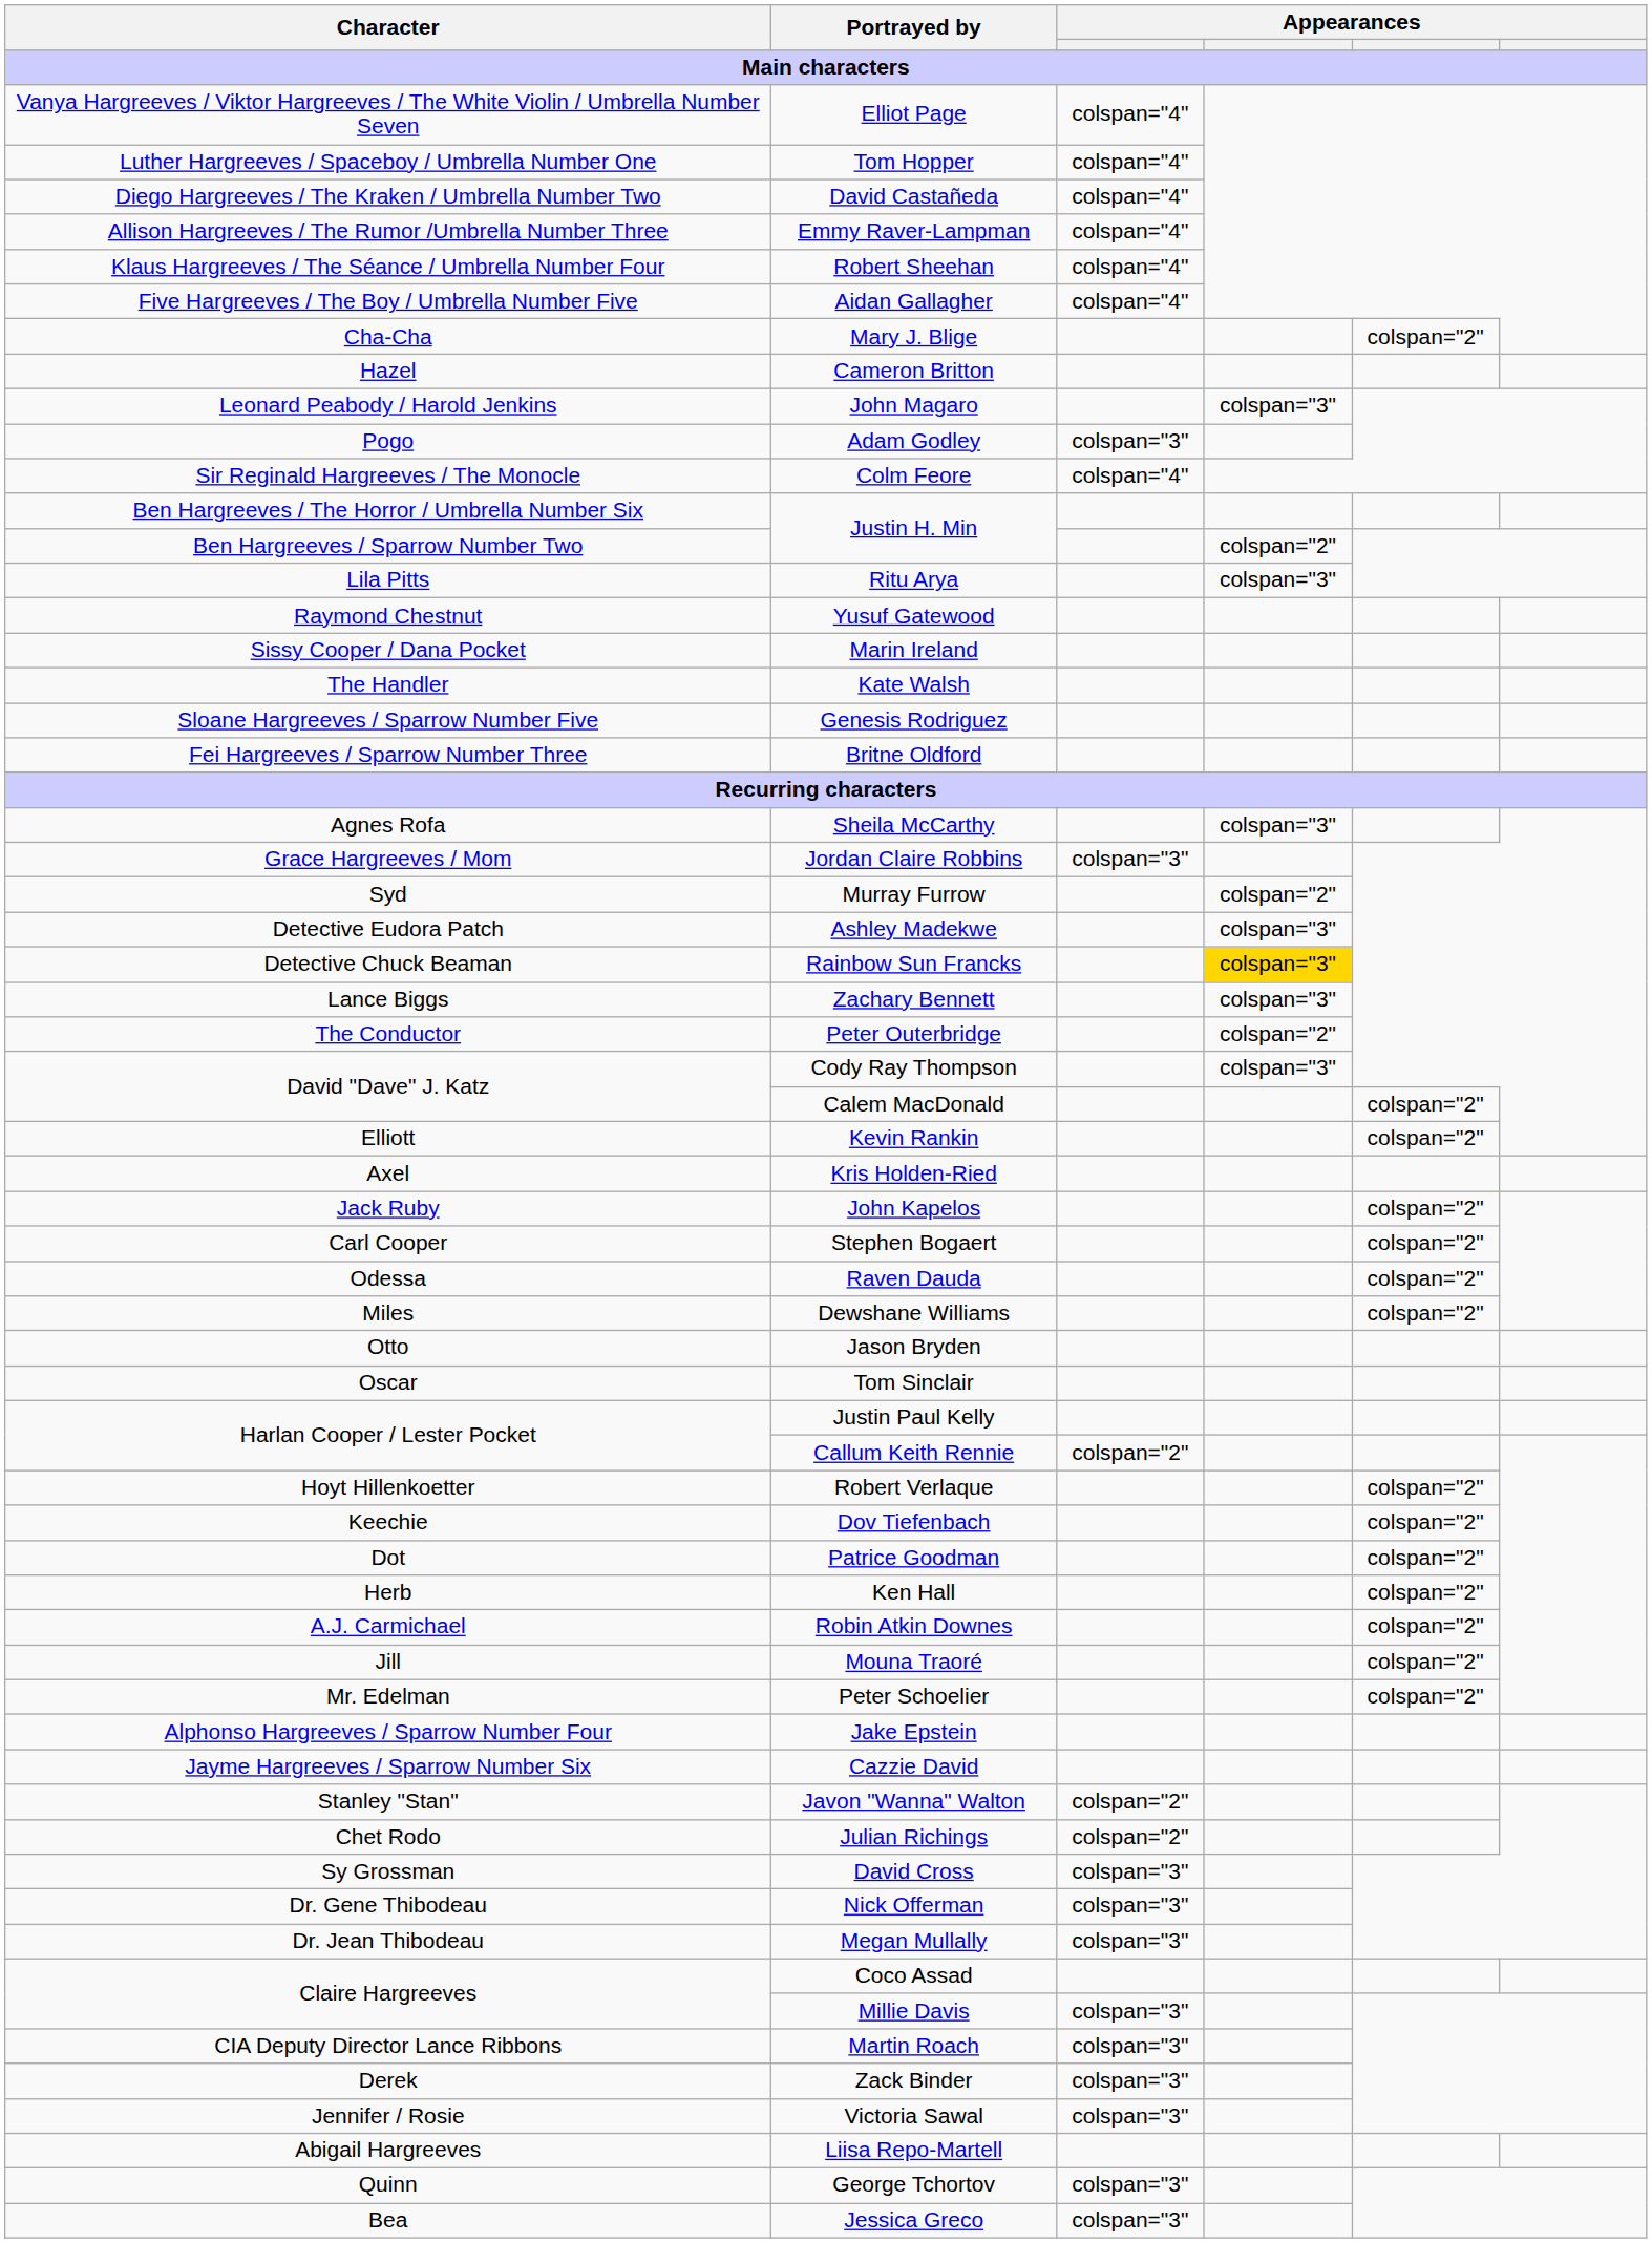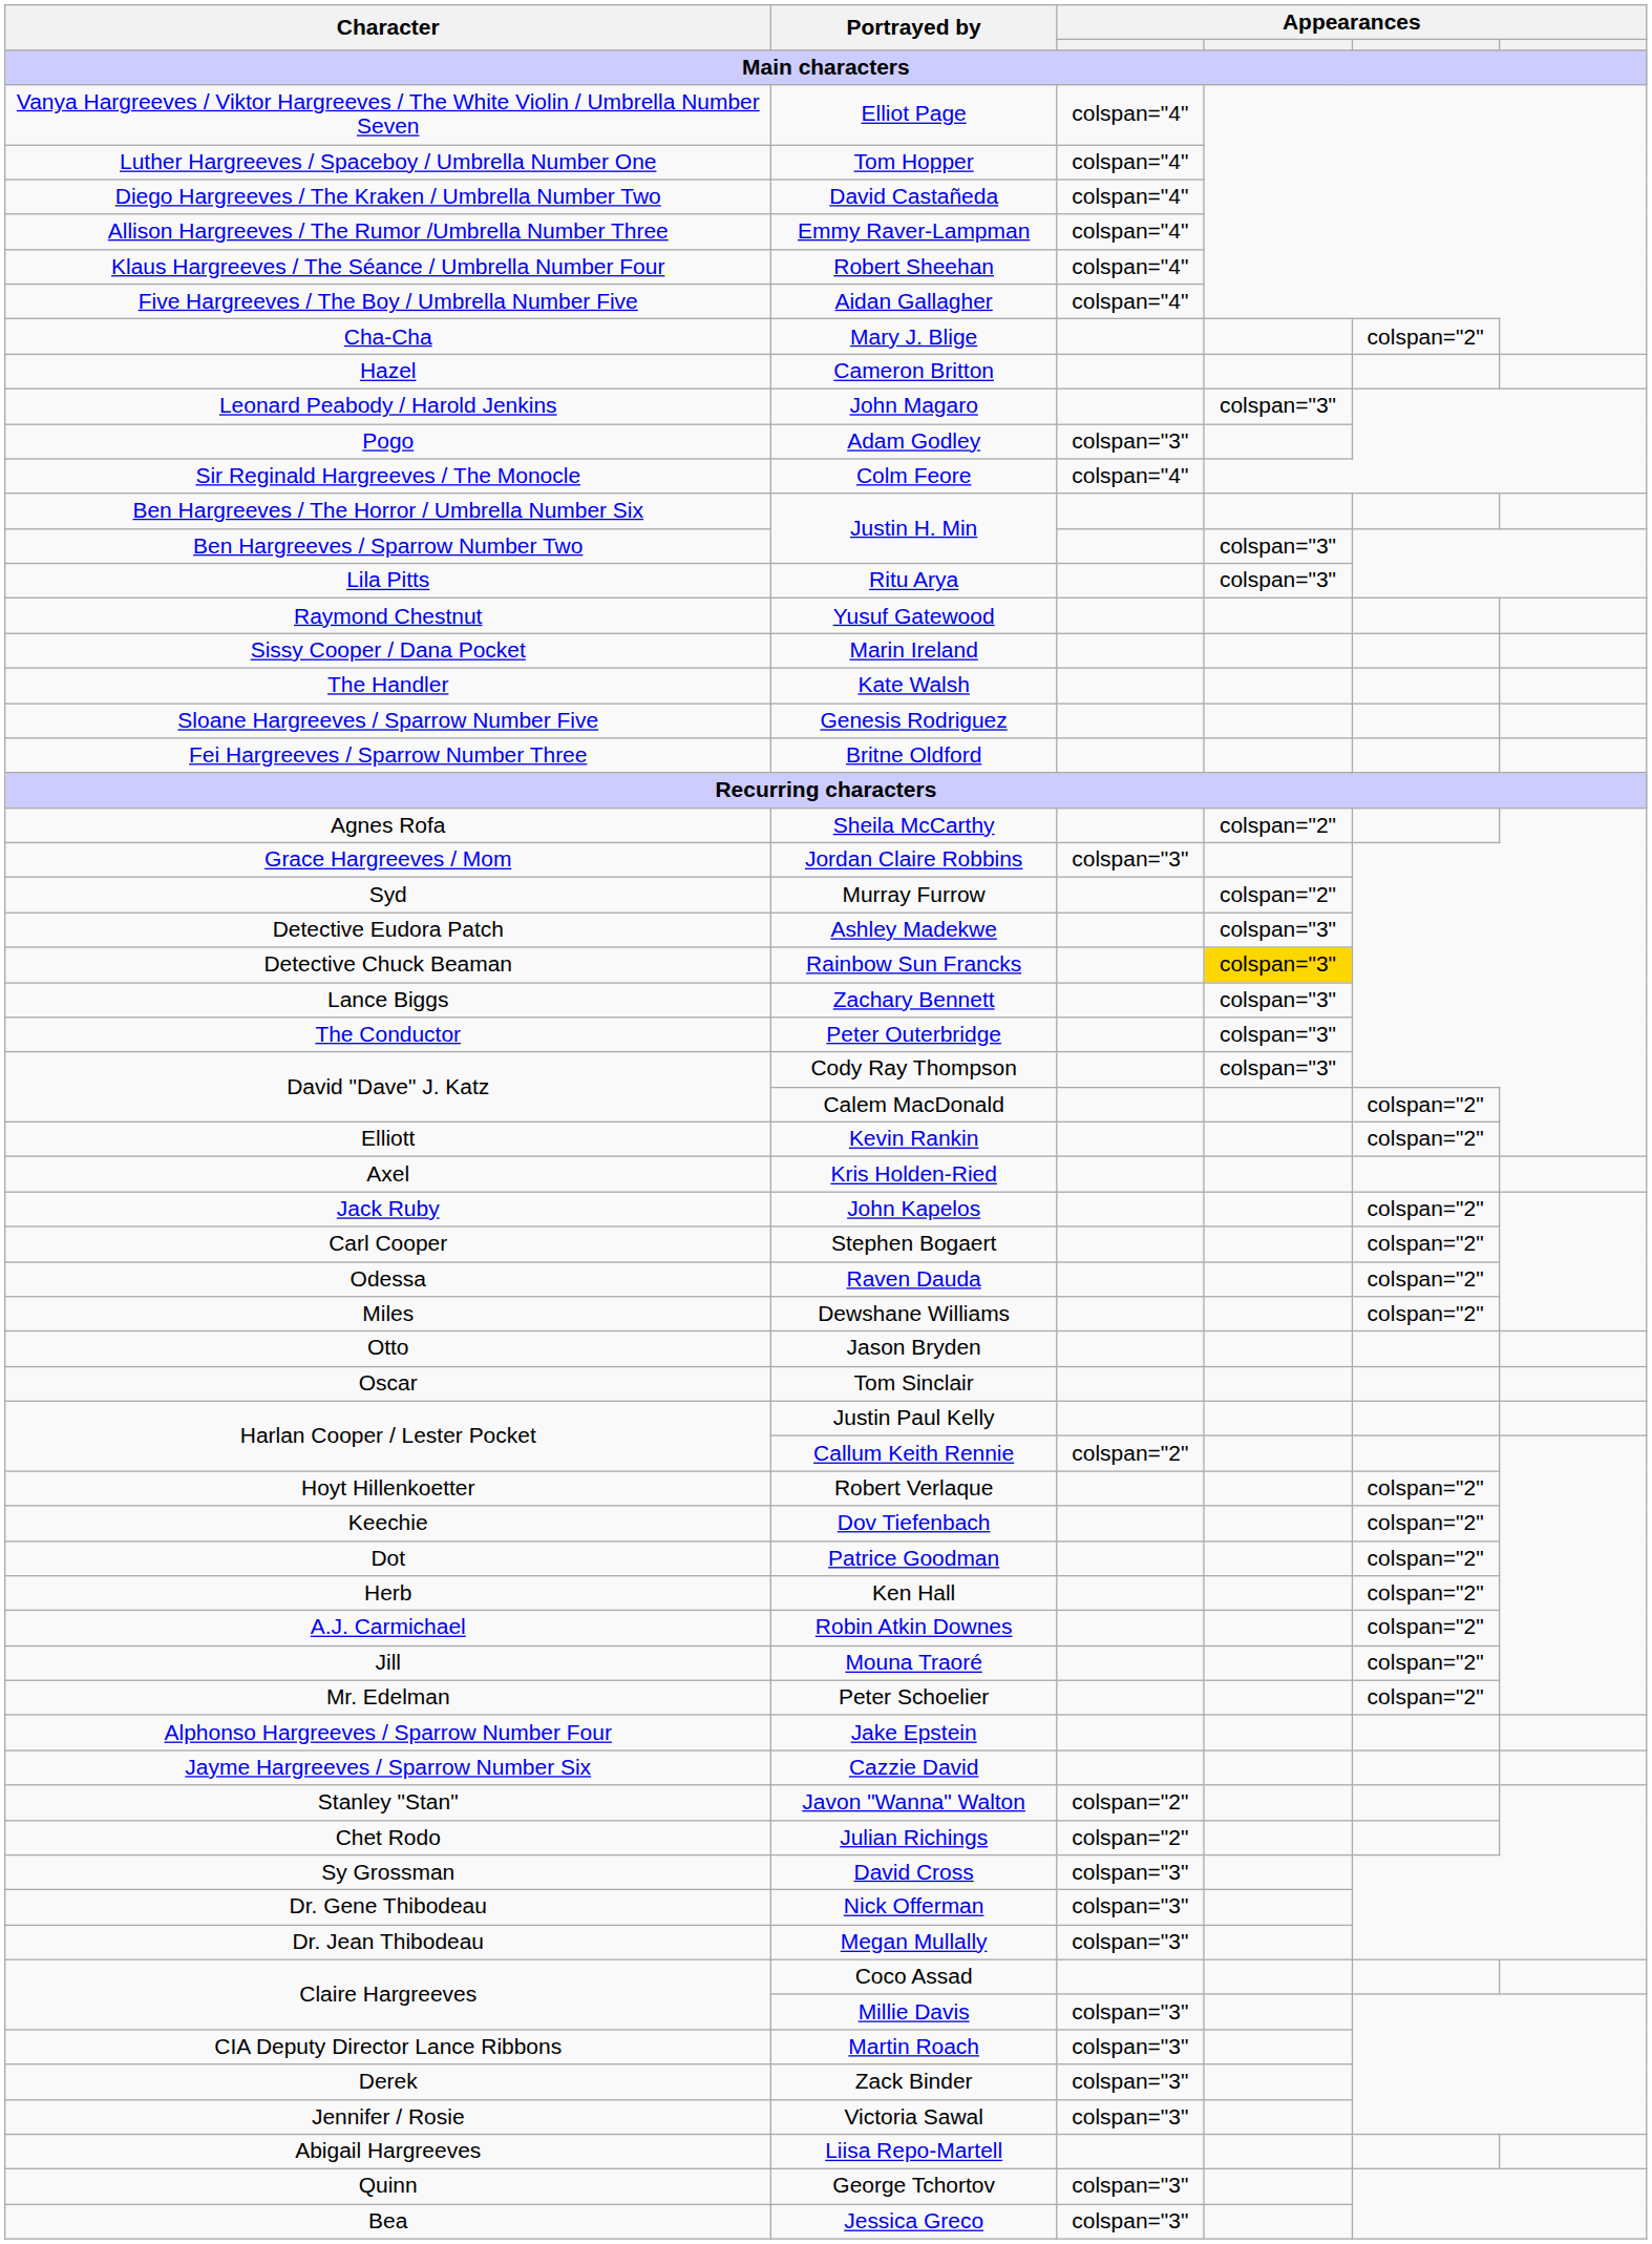 <table class="wikitable plainrowheaders" style="text-align:center;">
 <tr>
 <th scope="col" rowspan="2" style="width:550px;">Character</th>
 <th scope="col" rowspan="2" style="width:200px;">Portrayed by</th>
 <th colspan="4">Appearances</th>
 </tr>
 <tr>
 <th style="width:100px;"><a href='#'></a></th>
 <th style="width:100px;"><a href='#'></a></th>
 <th style="width:100px;"><a href='#'></a></th>
 <th style="width:100px;"><a href='#'></a></th>
 </tr>
 <tr>
 <th colspan="6" style="background:#ccf;">Main characters</th>
 </tr>
 <tr>
 <td scope="row"><a href='#'>Vanya Hargreeves / Viktor Hargreeves / The White Violin / Umbrella Number Seven</a></td>
 <td><a href='#'>Elliot Page</a></td>
 <td>colspan="4" </td>
 </tr>
 <tr>
 <td scope="row"><a href='#'>Luther Hargreeves / Spaceboy / Umbrella Number One</a></td>
 <td><a href='#'>Tom Hopper</a></td>
 <td>colspan="4" </td>
 </tr>
 <tr>
 <td scope="row"><a href='#'>Diego Hargreeves / The Kraken / Umbrella Number Two</a></td>
 <td><a href='#'>David Castañeda</a></td>
 <td>colspan="4" </td>
 </tr>
 <tr>
 <td scope="row"><a href='#'>Allison Hargreeves / The Rumor /Umbrella Number Three</a></td>
 <td><a href='#'>Emmy Raver-Lampman</a></td>
 <td>colspan="4" </td>
 </tr>
 <tr>
 <td scope="row"><a href='#'>Klaus Hargreeves / The Séance / Umbrella Number Four</a></td>
 <td><a href='#'>Robert Sheehan</a></td>
 <td>colspan="4" </td>
 </tr>
 <tr>
 <td scope="row"><a href='#'>Five Hargreeves / The Boy / Umbrella Number Five</a></td>
 <td><a href='#'>Aidan Gallagher</a></td>
 <td>colspan="4" </td>
 </tr>
 <tr>
 <td scope="row"><a href='#'>Cha-Cha</a></td>
 <td><a href='#'>Mary J. Blige</a></td>
 <td></td>
 <td></td>
 <td>colspan="2" </td>
 </tr>
 <tr>
 <td scope="row"><a href='#'>Hazel</a></td>
 <td><a href='#'>Cameron Britton</a></td>
 <td></td>
 <td></td>
 <td></td>
 <td></td>
 </tr>
 <tr>
 <td scope="row"><a href='#'>Leonard Peabody / Harold Jenkins</a></td>
 <td><a href='#'>John Magaro</a></td>
 <td></td>
 <td>colspan="3" </td>
 </tr>
 <tr>
 <td scope="row"><a href='#'>Pogo</a></td>
 <td><a href='#'>Adam Godley</a></td>
 <td>colspan="3" </td>
 <td></td>
 </tr>
 <tr>
 <td scope="row"><a href='#'>Sir Reginald Hargreeves / The Monocle</a></td>
 <td><a href='#'>Colm Feore</a></td>
 <td>colspan="4" </td>
 </tr>
 <tr>
 <td scope="row"><a href='#'>Ben Hargreeves / The Horror / Umbrella Number Six</a></td>
 <td rowspan="2"><a href='#'>Justin H. Min</a></td>
 <td></td>
 <td></td>
 <td></td>
 <td></td>
 </tr>
 <tr>
 <td scope="row"><a href='#'>Ben Hargreeves / Sparrow Number Two</a></td>
 <td></td>
-<td>colspan="2" </td>
+<td>colspan="3" </td>
 </tr>
 <tr>
 <td scope="row"><a href='#'>Lila Pitts</a></td>
 <td><a href='#'>Ritu Arya</a></td>
 <td></td>
 <td>colspan="3" </td>
 </tr>
 <tr>
 <td scope="row"><a href='#'>Raymond Chestnut</a></td>
 <td><a href='#'>Yusuf Gatewood</a></td>
 <td></td>
 <td></td>
 <td></td>
 <td></td>
 </tr>
 <tr>
 <td scope="row"><a href='#'>Sissy Cooper / Dana Pocket</a></td>
 <td><a href='#'>Marin Ireland</a></td>
 <td></td>
 <td></td>
 <td></td>
 <td></td>
 </tr>
 <tr>
 <td scope="row"><a href='#'>The Handler</a></td>
 <td><a href='#'>Kate Walsh</a></td>
 <td></td>
 <td></td>
 <td></td>
 <td></td>
 </tr>
 <tr>
 <td scope="row"><a href='#'>Sloane Hargreeves / Sparrow Number Five</a></td>
 <td><a href='#'>Genesis Rodriguez</a></td>
 <td></td>
 <td></td>
 <td></td>
 <td></td>
 </tr>
 <tr>
 <td scope="row"><a href='#'>Fei Hargreeves / Sparrow Number Three</a></td>
 <td><a href='#'>Britne Oldford</a></td>
 <td></td>
 <td></td>
 <td></td>
 <td></td>
 </tr>
 <tr>
 <th colspan="6" style="background:#ccf;">Recurring characters</th>
 </tr>
 <tr>
 <td scope="row">Agnes Rofa</td>
 <td><a href='#'>Sheila McCarthy</a></td>
 <td></td>
-<td>colspan="3" </td>
+<td>colspan="2" </td>
 <td></td>
 </tr>
 <tr>
 <td scope="row"><a href='#'>Grace Hargreeves / Mom</a></td>
 <td><a href='#'>Jordan Claire Robbins</a></td>
 <td>colspan="3" </td>
 <td></td>
 </tr>
 <tr>
 <td scope="row">Syd</td>
 <td>Murray Furrow</td>
 <td></td>
 <td>colspan="2" </td>
 </tr>
 <tr>
 <td scope="row">Detective Eudora Patch</td>
 <td><a href='#'>Ashley Madekwe</a></td>
 <td></td>
 <td>colspan="3" </td>
 </tr>
 <tr>
 <td scope="row">Detective Chuck Beaman</td>
 <td><a href='#'>Rainbow Sun Francks</a></td>
 <td></td>
 <td style="background: gold;">colspan="3" </td>
 </tr>
 <tr>
 <td scope="row">Lance Biggs</td>
 <td><a href='#'>Zachary Bennett</a></td>
 <td></td>
 <td>colspan="3" </td>
 </tr>
 <tr>
 <td scope="row"><a href='#'>The Conductor</a></td>
 <td><a href='#'>Peter Outerbridge</a></td>
 <td></td>
-<td>colspan="2" </td>
+<td>colspan="3" </td>
 </tr>
 <tr>
 <td scope="row" rowspan="2">David "Dave" J. Katz</td>
 <td>Cody Ray Thompson</td>
 <td></td>
 <td>colspan="3" </td>
 </tr>
 <tr>
 <td>Calem MacDonald</td>
 <td></td>
 <td></td>
 <td>colspan="2" </td>
 </tr>
 <tr>
 <td scope="row">Elliott</td>
 <td><a href='#'>Kevin Rankin</a></td>
 <td></td>
 <td></td>
 <td>colspan="2" </td>
 </tr>
 <tr>
 <td scope="row">Axel</td>
 <td><a href='#'>Kris Holden-Ried</a></td>
 <td></td>
 <td></td>
 <td></td>
 <td></td>
 </tr>
 <tr>
 <td scope="row"><a href='#'>Jack Ruby</a></td>
 <td><a href='#'>John Kapelos</a></td>
 <td></td>
 <td></td>
 <td>colspan="2" </td>
 </tr>
 <tr>
 <td scope="row">Carl Cooper</td>
 <td>Stephen Bogaert</td>
 <td></td>
 <td></td>
 <td>colspan="2" </td>
 </tr>
 <tr>
 <td scope="row">Odessa</td>
 <td><a href='#'>Raven Dauda</a></td>
 <td></td>
 <td></td>
 <td>colspan="2" </td>
 </tr>
 <tr>
 <td scope="row">Miles</td>
 <td>Dewshane Williams</td>
 <td></td>
 <td></td>
 <td>colspan="2" </td>
 </tr>
 <tr>
 <td scope="row">Otto</td>
 <td>Jason Bryden</td>
 <td></td>
 <td></td>
 <td></td>
 <td></td>
 </tr>
 <tr>
 <td scope="row">Oscar</td>
 <td>Tom Sinclair</td>
 <td></td>
 <td></td>
 <td></td>
 <td></td>
 </tr>
 <tr>
 <td scope="row" rowspan="2">Harlan Cooper / Lester Pocket</td>
 <td>Justin Paul Kelly</td>
 <td></td>
 <td></td>
 <td></td>
 <td></td>
 </tr>
 <tr>
 <td><a href='#'>Callum Keith Rennie</a></td>
 <td>colspan="2" </td>
 <td></td>
 <td></td>
 </tr>
 <tr>
 <td scope="row">Hoyt Hillenkoetter</td>
 <td>Robert Verlaque</td>
 <td></td>
 <td></td>
 <td>colspan="2" </td>
 </tr>
 <tr>
 <td scope="row">Keechie</td>
 <td><a href='#'>Dov Tiefenbach</a></td>
 <td></td>
 <td></td>
 <td>colspan="2" </td>
 </tr>
 <tr>
 <td scope="row">Dot</td>
 <td><a href='#'>Patrice Goodman</a></td>
 <td></td>
 <td></td>
 <td>colspan="2" </td>
 </tr>
 <tr>
 <td scope="row">Herb</td>
 <td>Ken Hall</td>
 <td></td>
 <td></td>
 <td>colspan="2" </td>
 </tr>
 <tr>
 <td scope="row"><a href='#'>A.J. Carmichael</a></td>
 <td><a href='#'>Robin Atkin Downes</a></td>
 <td></td>
 <td></td>
 <td>colspan="2" </td>
 </tr>
 <tr>
 <td scope="row">Jill</td>
 <td><a href='#'>Mouna Traoré</a></td>
 <td></td>
 <td></td>
 <td>colspan="2" </td>
 </tr>
 <tr>
 <td scope="row">Mr. Edelman</td>
 <td>Peter Schoelier</td>
 <td></td>
 <td></td>
 <td>colspan="2" </td>
 </tr>
 <tr>
 <td scope="row"><a href='#'>Alphonso Hargreeves / Sparrow Number Four</a></td>
 <td><a href='#'>Jake Epstein</a></td>
 <td></td>
 <td></td>
 <td></td>
 <td></td>
 </tr>
 <tr>
 <td scope="row"><a href='#'>Jayme Hargreeves / Sparrow Number Six</a></td>
 <td><a href='#'>Cazzie David</a></td>
 <td></td>
 <td></td>
 <td></td>
 <td></td>
 </tr>
 <tr>
 <td scope="row">Stanley "Stan"</td>
 <td><a href='#'>Javon "Wanna" Walton</a></td>
 <td>colspan="2" </td>
 <td></td>
 <td></td>
 </tr>
 <tr>
 <td scope="row">Chet Rodo</td>
 <td><a href='#'>Julian Richings</a></td>
 <td>colspan="2" </td>
 <td></td>
 <td></td>
 </tr>
 <tr>
 <td scope="row">Sy Grossman</td>
 <td><a href='#'>David Cross</a></td>
 <td>colspan="3" </td>
 <td></td>
 </tr>
 <tr>
 <td scope="row">Dr. Gene Thibodeau</td>
 <td><a href='#'>Nick Offerman</a></td>
 <td>colspan="3" </td>
 <td></td>
 </tr>
 <tr>
 <td scope="row">Dr. Jean Thibodeau</td>
 <td><a href='#'>Megan Mullally</a></td>
 <td>colspan="3" </td>
 <td></td>
 </tr>
 <tr>
 <td scope="row" rowspan="2">Claire Hargreeves</td>
 <td>Coco Assad</td>
 <td></td>
 <td></td>
 <td></td>
 <td></td>
 </tr>
 <tr>
 <td><a href='#'>Millie Davis</a></td>
 <td>colspan="3" </td>
 <td></td>
 </tr>
 <tr>
 <td scope="row">CIA Deputy Director Lance Ribbons</td>
 <td><a href='#'>Martin Roach</a></td>
 <td>colspan="3" </td>
 <td></td>
 </tr>
 <tr>
 <td scope="row">Derek</td>
 <td>Zack Binder</td>
 <td>colspan="3" </td>
 <td></td>
 </tr>
 <tr>
 <td scope="row">Jennifer / Rosie</td>
 <td>Victoria Sawal</td>
 <td>colspan="3" </td>
 <td></td>
 </tr>
 <tr>
 <td scope="row">Abigail Hargreeves</td>
 <td><a href='#'>Liisa Repo-Martell</a></td>
 <td></td>
 <td></td>
 <td></td>
 <td></td>
 </tr>
 <tr>
 <td scope="row">Quinn</td>
 <td>George Tchortov</td>
 <td>colspan="3" </td>
 <td></td>
 </tr>
 <tr>
 <td scope="row">Bea</td>
 <td><a href='#'>Jessica Greco</a></td>
 <td>colspan="3" </td>
 <td></td>
 </tr>
 </table>
